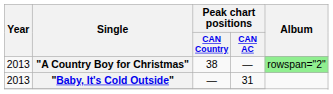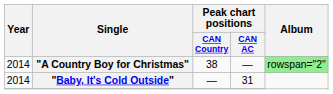 <table class="wikitable plainrowheaders" style="text-align:center;">
 <tr>
 <th rowspan="2" style="width:1em;">Year</th>
 <th rowspan="2" style="width:15em;">Single</th>
 <th colspan="2">Peak chart<br>positions</th>
 <th rowspan="2">Album</th>
 </tr>
 <tr style="font-size:smaller;">
 <th style="width:3.5em;"><a href='#'>CAN Country</a><br></th>
 <th style="width:3.5em;"><a href='#'>CAN AC</a><br></th>
 </tr>
 <tr>
-<td>2013</td>
+<td>2014</td>
 <th scope="row">"A Country Boy for Christmas"</th>
 <td>38</td>
 <td>—</td>
 <td style="background: lightgreen;">rowspan="2" </td>
 </tr>
 <tr>
-<td>2013</td>
+<td>2014</td>
 <th scope="row">"<a href='#'>Baby, It's Cold Outside</a>" <br> </th>
 <td>—</td>
 <td>31</td>
 </tr>
 <tr>
 </tr>
 </table>
